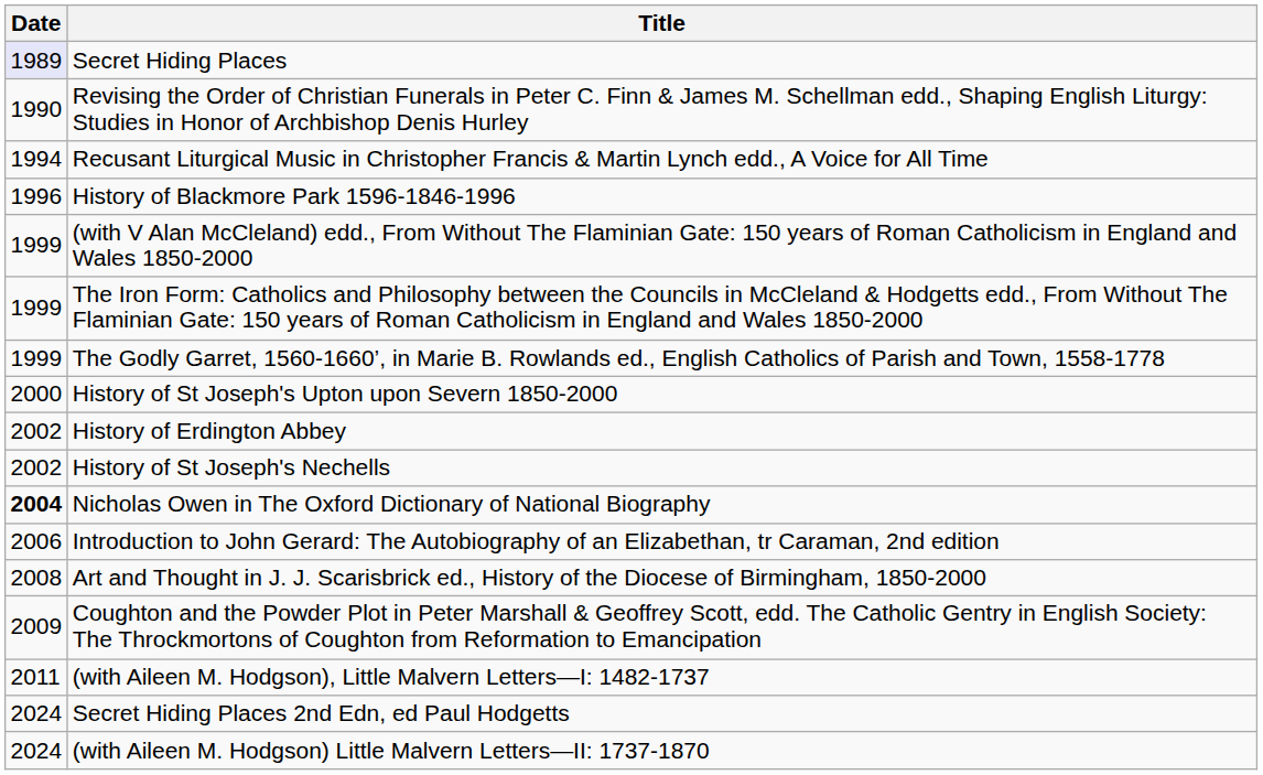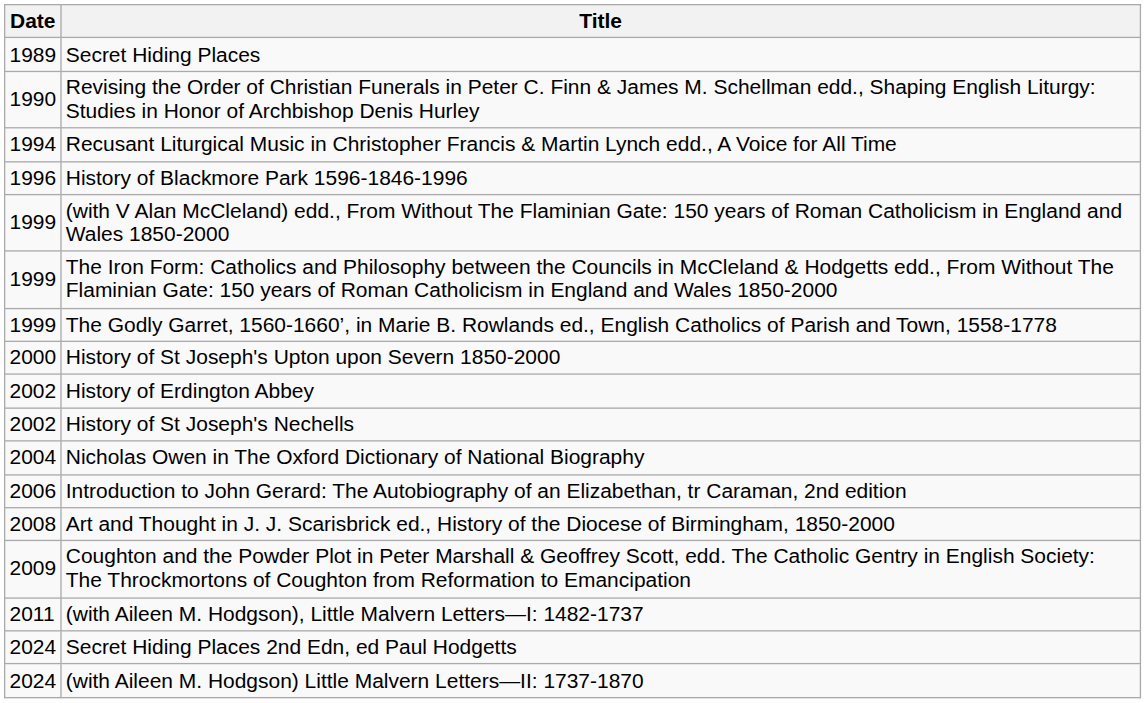 <table class="wikitable sortable mw-collapsible mw-collapsed">
 <tr>
 <th>Date</th>
 <th>Title</th>
 </tr>
 <tr>
-<td style="background: lavender;">1989</td>
+<td>1989</td>
 <td>Secret Hiding Places</td>
 </tr>
 <tr>
 <td>1990</td>
 <td>Revising the Order of Christian Funerals in Peter C. Finn & James M. Schellman edd., Shaping English Liturgy: Studies in Honor of Archbishop Denis Hurley</td>
 </tr>
 <tr>
 <td>1994</td>
 <td>Recusant Liturgical Music in Christopher Francis & Martin Lynch edd., A Voice for All Time</td>
 </tr>
 <tr>
 <td>1996</td>
 <td>History of Blackmore Park 1596-1846-1996</td>
 </tr>
 <tr>
 <td>1999</td>
 <td>(with V Alan McCleland) edd., From Without The Flaminian Gate: 150 years of Roman Catholicism in England and Wales 1850-2000</td>
 </tr>
 <tr>
 <td>1999</td>
 <td>The Iron Form: Catholics and Philosophy between the Councils in McCleland & Hodgetts edd., From Without The Flaminian Gate: 150 years of Roman Catholicism in England and Wales 1850-2000</td>
 </tr>
 <tr>
 <td>1999</td>
 <td>The Godly Garret, 1560-1660’, in Marie B. Rowlands ed., English Catholics of Parish and Town, 1558-1778</td>
 </tr>
 <tr>
 <td>2000</td>
 <td>History of St Joseph's Upton upon Severn 1850-2000</td>
 </tr>
 <tr>
 <td>2002</td>
 <td>History of Erdington Abbey</td>
 </tr>
 <tr>
 <td>2002</td>
 <td>History of St Joseph's Nechells</td>
 </tr>
 <tr>
-<td><strong>2004</strong></td>
+<td>2004</td>
 <td>Nicholas Owen in The Oxford Dictionary of National Biography</td>
 </tr>
 <tr>
 <td>2006</td>
 <td>Introduction to John Gerard: The Autobiography of an Elizabethan, tr Caraman, 2nd edition</td>
 </tr>
 <tr>
 <td>2008</td>
 <td>Art and Thought in J. J. Scarisbrick ed., History of the Diocese of Birmingham, 1850-2000</td>
 </tr>
 <tr>
 <td>2009</td>
 <td>Coughton and the Powder Plot in Peter Marshall & Geoffrey Scott, edd. The Catholic Gentry in English Society: The Throckmortons of Coughton from Reformation to Emancipation</td>
 </tr>
 <tr>
 <td>2011</td>
 <td>(with Aileen M. Hodgson), Little Malvern Letters—I: 1482-1737</td>
 </tr>
 <tr>
 <td>2024</td>
 <td>Secret Hiding Places 2nd Edn, ed Paul Hodgetts</td>
 </tr>
 <tr>
 <td>2024</td>
 <td>(with Aileen M. Hodgson) Little Malvern Letters—II: 1737-1870</td>
 </tr>
 </table>
